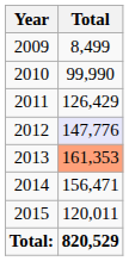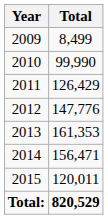 <table class="wikitable sortable" style="text-align: center;">
 <tr>
 <th>Year</th>
 <th>Total</th>
 </tr>
 <tr>
 <td>2009</td>
 <td>8,499</td>
 </tr>
 <tr>
 <td>2010</td>
 <td>99,990</td>
 </tr>
 <tr>
 <td>2011</td>
 <td>126,429</td>
 </tr>
 <tr>
 <td>2012</td>
-<td style="background: lavender;">147,776</td>
+<td>147,776</td>
 </tr>
 <tr>
 <td>2013</td>
-<td style="background: lightsalmon;">161,353</td>
+<td>161,353</td>
 </tr>
 <tr>
 <td>2014</td>
 <td>156,471</td>
 </tr>
 <tr>
 <td>2015</td>
 <td>120,011</td>
 </tr>
 <tr>
 <td><strong>Total:</strong></td>
 <td style="text-align: left;"><strong>820,529</strong></td>
 </tr>
 </table>
